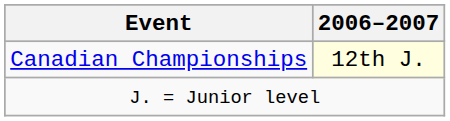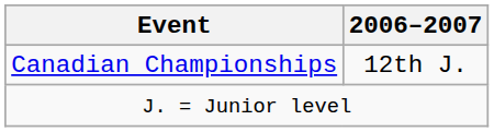 <table class="wikitable" style="text-align:center">
 <tr>
 <th>Event</th>
 <th>2006–2007</th>
 </tr>
 <tr>
 <td align=left><a href='#'>Canadian Championships</a></td>
-<td style="background: lightyellow;">12th J.</td>
+<td>12th J.</td>
 </tr>
 <tr>
 <td colspan=2 align=center><small> J. = Junior level </small></td>
 </tr>
 </table>
